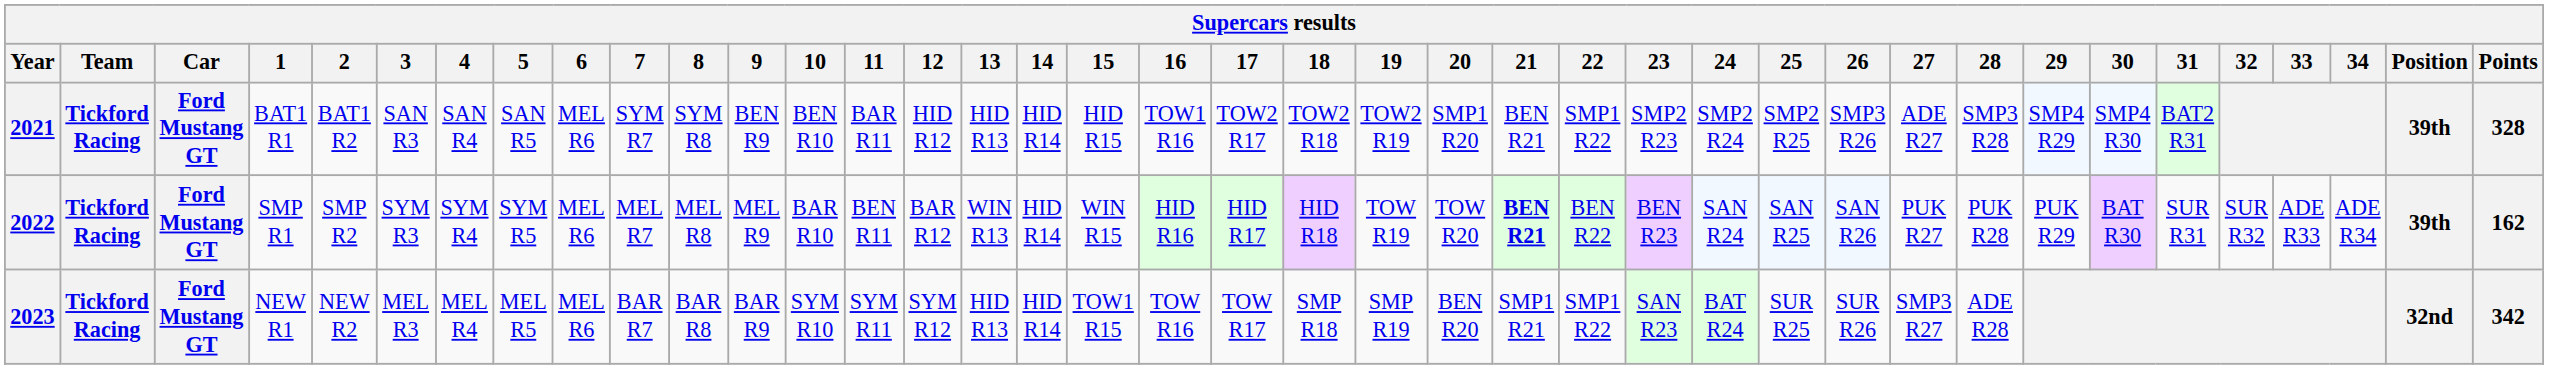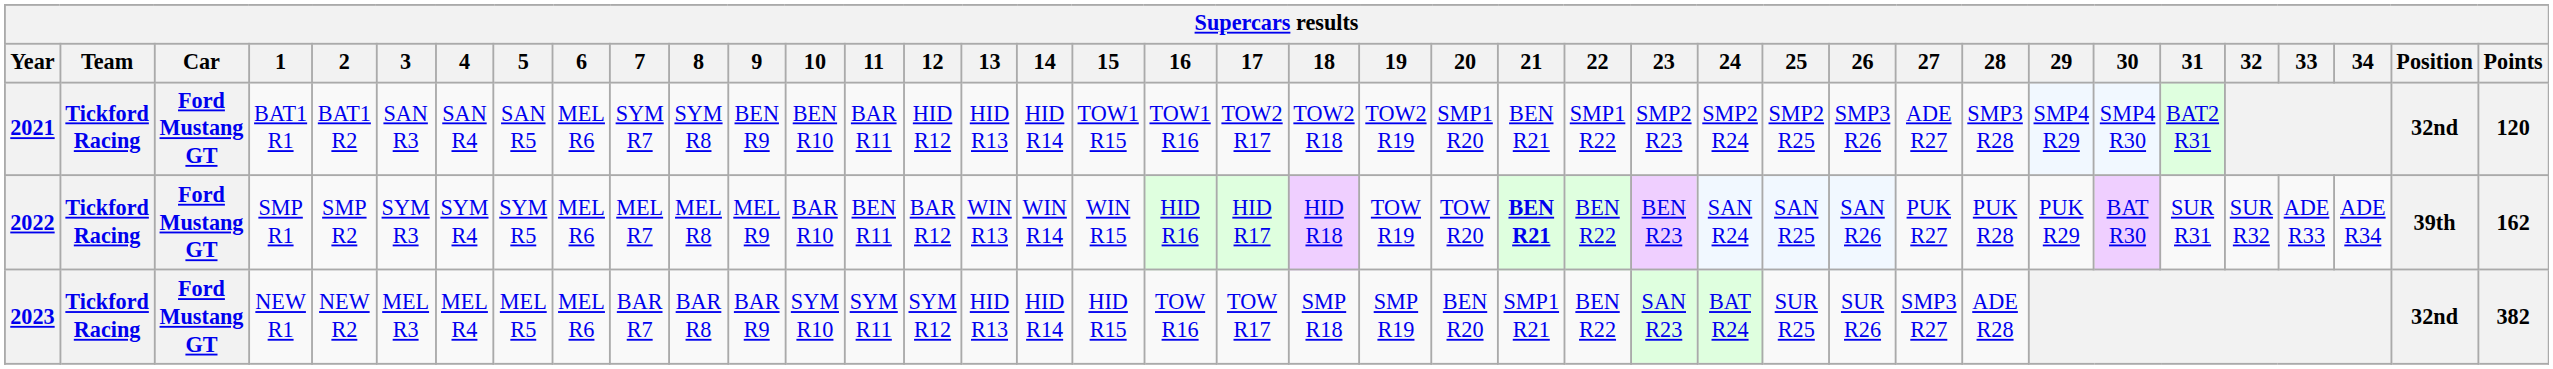 <table class="wikitable" style="text-align:center; font-size:75%">
 <tr>
 <th colspan=45><a href='#'>Supercars</a> results</th>
 </tr>
 <tr>
 <th>Year</th>
 <th>Team</th>
 <th>Car</th>
 <th>1</th>
 <th>2</th>
 <th>3</th>
 <th>4</th>
 <th>5</th>
 <th>6</th>
 <th>7</th>
 <th>8</th>
 <th>9</th>
 <th>10</th>
 <th>11</th>
 <th>12</th>
 <th>13</th>
 <th>14</th>
 <th>15</th>
 <th>16</th>
 <th>17</th>
 <th>18</th>
 <th>19</th>
 <th>20</th>
 <th>21</th>
 <th>22</th>
 <th>23</th>
 <th>24</th>
 <th>25</th>
 <th>26</th>
 <th>27</th>
 <th>28</th>
 <th>29</th>
 <th>30</th>
 <th>31</th>
 <th>32</th>
 <th>33</th>
 <th>34</th>
 <th>Position</th>
 <th>Points</th>
 </tr>
 <tr>
 <th><a href='#'>2021</a></th>
 <th><a href='#'>Tickford Racing</a></th>
 <th><a href='#'>Ford Mustang GT</a></th>
 <td><a href='#'>BAT1<br>R1</a></td>
 <td><a href='#'>BAT1<br>R2</a></td>
 <td><a href='#'>SAN<br>R3</a></td>
 <td><a href='#'>SAN<br>R4</a></td>
 <td><a href='#'>SAN<br>R5</a></td>
 <td><a href='#'>MEL<br>R6</a></td>
 <td><a href='#'>SYM<br>R7</a></td>
 <td><a href='#'>SYM<br>R8</a></td>
 <td><a href='#'>BEN<br>R9</a></td>
 <td><a href='#'>BEN<br>R10</a></td>
 <td><a href='#'>BAR<br>R11</a></td>
 <td><a href='#'>HID<br>R12</a></td>
 <td><a href='#'>HID<br>R13</a></td>
 <td><a href='#'>HID<br>R14</a></td>
-<td><a href='#'>HID<br>R15</a></td>
+<td><a href='#'>TOW1<br>R15</a></td>
 <td><a href='#'>TOW1<br>R16</a></td>
 <td><a href='#'>TOW2<br>R17</a></td>
 <td><a href='#'>TOW2<br>R18</a></td>
 <td><a href='#'>TOW2<br>R19</a></td>
 <td><a href='#'>SMP1<br>R20</a></td>
 <td><a href='#'>BEN<br>R21</a></td>
 <td><a href='#'>SMP1<br>R22</a></td>
 <td><a href='#'>SMP2<br>R23</a></td>
 <td><a href='#'>SMP2<br>R24</a></td>
 <td><a href='#'>SMP2<br>R25</a></td>
 <td><a href='#'>SMP3<br>R26</a></td>
 <td><a href='#'>ADE<br>R27</a></td>
 <td><a href='#'>SMP3<br>R28</a></td>
 <td style="background: #f1f8ff"><a href='#'>SMP4<br>R29</a><br></td>
 <td style="background: #f1f8ff"><a href='#'>SMP4<br>R30</a><br></td>
 <td style="background: #dfffdf"><a href='#'>BAT2<br>R31</a><br></td>
 <th colspan=3></th>
-<th>39th</th>
-<th>328</th>
+<th>32nd</th>
+<th>120</th>
 </tr>
 <tr>
 <th><a href='#'>2022</a></th>
 <th><a href='#'>Tickford Racing</a></th>
 <th><a href='#'>Ford Mustang GT</a></th>
 <td><a href='#'>SMP<br>R1</a></td>
 <td><a href='#'>SMP<br>R2</a></td>
 <td><a href='#'>SYM<br>R3</a></td>
 <td><a href='#'>SYM<br>R4</a></td>
 <td><a href='#'>SYM<br>R5</a></td>
 <td><a href='#'>MEL<br>R6</a></td>
 <td><a href='#'>MEL<br>R7</a></td>
 <td><a href='#'>MEL<br>R8</a></td>
 <td><a href='#'>MEL<br>R9</a></td>
 <td><a href='#'>BAR<br>R10</a></td>
 <td><a href='#'>BEN<br>R11</a></td>
 <td><a href='#'>BAR<br>R12</a></td>
 <td><a href='#'>WIN<br>R13</a></td>
-<td><a href='#'>HID<br>R14</a></td>
+<td><a href='#'>WIN<br>R14</a></td>
 <td><a href='#'>WIN<br>R15</a></td>
 <td style="background: #dfffdf"><a href='#'>HID<br>R16</a><br></td>
 <td style="background: #dfffdf"><a href='#'>HID<br>R17</a><br></td>
 <td style="background: #efcfff"><a href='#'>HID<br>R18</a><br></td>
 <td><a href='#'>TOW<br>R19</a></td>
 <td><a href='#'>TOW<br>R20</a></td>
 <td style="background: #dfffdf"><strong><a href='#'>BEN<br>R21</a><br></strong></td>
 <td style="background: #dfffdf"><a href='#'>BEN<br>R22</a><br></td>
 <td style="background: #efcfff"><a href='#'>BEN<br>R23</a><br></td>
 <td style="background: #f1f8ff"><a href='#'>SAN<br>R24</a><br></td>
 <td style="background: #f1f8ff"><a href='#'>SAN<br>R25</a><br></td>
 <td style="background: #f1f8ff"><a href='#'>SAN<br>R26</a><br></td>
 <td><a href='#'>PUK<br>R27</a></td>
 <td><a href='#'>PUK<br>R28</a></td>
 <td><a href='#'>PUK<br>R29</a></td>
 <td style="background: #efcfff"><a href='#'>BAT<br>R30</a><br></td>
 <td><a href='#'>SUR<br>R31</a></td>
 <td><a href='#'>SUR<br>R32</a></td>
 <td><a href='#'>ADE<br>R33</a></td>
 <td><a href='#'>ADE<br>R34</a></td>
 <th>39th</th>
 <th>162</th>
 </tr>
 <tr>
 <th><a href='#'>2023</a></th>
 <th><a href='#'>Tickford Racing</a></th>
 <th><a href='#'>Ford Mustang GT</a></th>
 <td><a href='#'>NEW<br>R1</a></td>
 <td><a href='#'>NEW<br>R2</a></td>
 <td><a href='#'>MEL<br>R3</a></td>
 <td><a href='#'>MEL<br>R4</a></td>
 <td><a href='#'>MEL<br>R5</a></td>
 <td><a href='#'>MEL<br>R6</a></td>
 <td><a href='#'>BAR<br>R7</a></td>
 <td><a href='#'>BAR<br>R8</a></td>
 <td><a href='#'>BAR<br>R9</a></td>
 <td><a href='#'>SYM<br>R10</a></td>
 <td><a href='#'>SYM<br>R11</a></td>
 <td><a href='#'>SYM<br>R12</a></td>
 <td><a href='#'>HID<br>R13</a></td>
 <td><a href='#'>HID<br>R14</a></td>
-<td><a href='#'>TOW1<br>R15</a></td>
+<td><a href='#'>HID<br>R15</a></td>
 <td><a href='#'>TOW<br>R16</a></td>
 <td><a href='#'>TOW<br>R17</a></td>
 <td><a href='#'>SMP<br>R18</a></td>
 <td><a href='#'>SMP<br>R19</a></td>
 <td><a href='#'>BEN<br>R20</a></td>
 <td><a href='#'>SMP1<br>R21</a></td>
-<td><a href='#'>SMP1<br>R22</a></td>
+<td><a href='#'>BEN<br>R22</a></td>
 <td style=background:#dfffdf><a href='#'>SAN<br>R23</a><br></td>
 <td style=background:#dfffdf><a href='#'>BAT<br>R24</a><br></td>
 <td><a href='#'>SUR<br>R25</a></td>
 <td><a href='#'>SUR<br>R26</a></td>
 <td><a href='#'>SMP3<br>R27</a></td>
 <td><a href='#'>ADE<br>R28</a></td>
 <th colspan=6></th>
 <th>32nd</th>
-<th>342</th>
+<th>382</th>
 </tr>
 </table>
